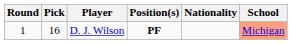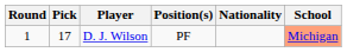 <table class="wikitable sortable sortable">
 <tr>
 <th>Round</th>
 <th>Pick</th>
 <th>Player</th>
 <th>Position(s)</th>
 <th>Nationality</th>
 <th>School</th>
 </tr>
 <tr style="text-align: center">
 <td>1</td>
-<td>16</td>
+<td>17</td>
 <td><a href='#'>D. J. Wilson</a></td>
-<td><strong>PF</strong></td>
+<td>PF</td>
 <td></td>
 <td style="background: lightsalmon;"><a href='#'>Michigan</a></td>
 </tr>
 </table>
